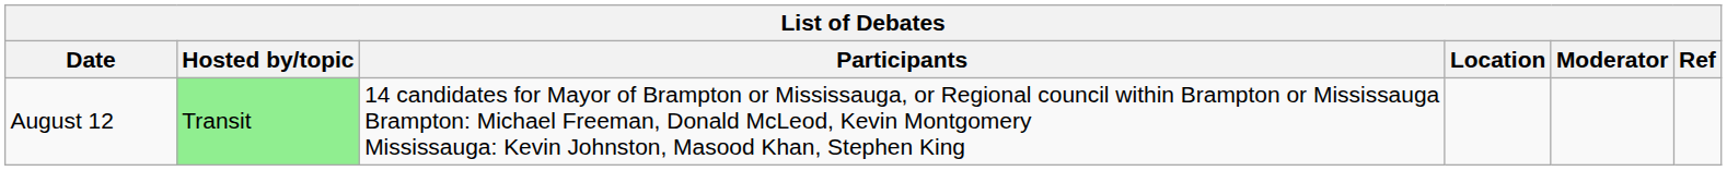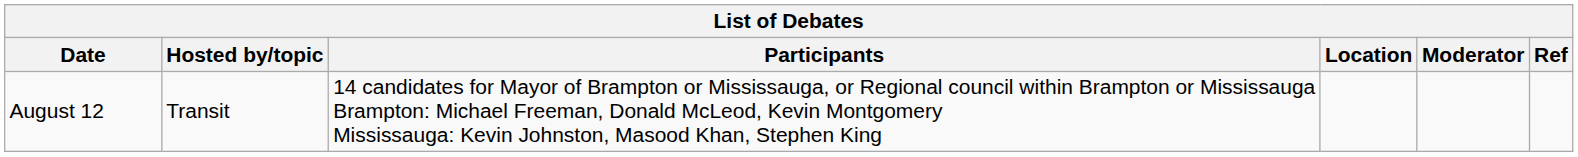 <table class="wikitable">
 <tr style="background:#e9e9e9;">
 <th colspan="6">List of Debates</th>
 </tr>
 <tr>
 <th style="width:10%">Date</th>
 <th>Hosted by/topic</th>
 <th>Participants</th>
 <th>Location</th>
 <th>Moderator</th>
 <th>Ref</th>
 </tr>
 <tr>
 <td>August 12</td>
-<td style="background: lightgreen;">Transit</td>
+<td>Transit</td>
 <td>14 candidates for Mayor of Brampton or Mississauga, or Regional council within Brampton or Mississauga<br>Brampton: Michael Freeman, Donald McLeod, Kevin Montgomery<br>Mississauga: Kevin Johnston, Masood Khan, Stephen King</td>
 <td></td>
 <td></td>
 <td></td>
 </tr>
 </table>
